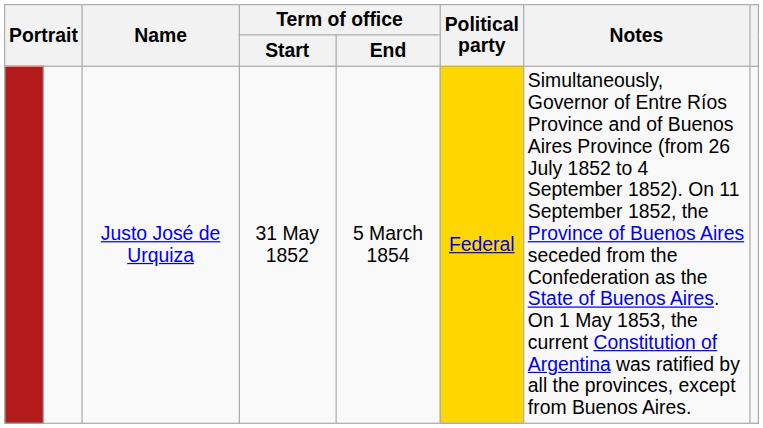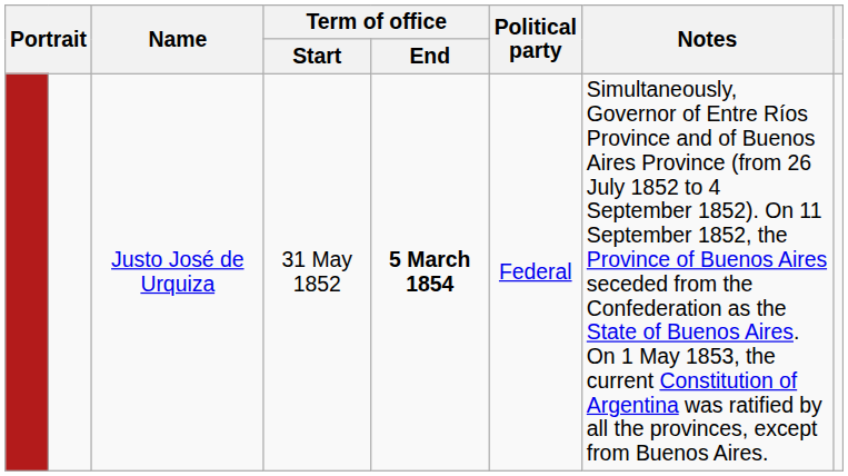 <table class="wikitable" width="100%" style="text-align: center;">
 <tr>
 <th rowspan=2 colspan=2>Portrait</th>
 <th rowspan=2>Name<br></th>
 <th colspan=2>Term of office</th>
 <th rowspan=2>Political<br>party</th>
 <th rowspan=2 width=30%>Notes</th>
 <th rowspan=2></th>
 </tr>
 <tr>
 <th>Start</th>
 <th>End</th>
 </tr>
 <tr>
 <td bgcolor=#B31B1B></td>
 <td></td>
 <td><a href='#'>Justo José de Urquiza</a><br></td>
 <td>31 May 1852</td>
-<td>5 March 1854</td>
-<td style="background: gold;"><a href='#'>Federal</a></td>
+<td><strong>5 March 1854</strong></td>
+<td><a href='#'>Federal</a></td>
 <td align=left>Simultaneously, Governor of Entre Ríos Province and of Buenos Aires Province (from 26 July 1852 to 4 September 1852). On 11 September 1852, the <a href='#'>Province of Buenos Aires</a> seceded from the Confederation as the <a href='#'>State of Buenos Aires</a>. On 1 May 1853, the current <a href='#'>Constitution of Argentina</a> was ratified by all the provinces, except from Buenos Aires.</td>
 <td></td>
 </tr>
 </table>
